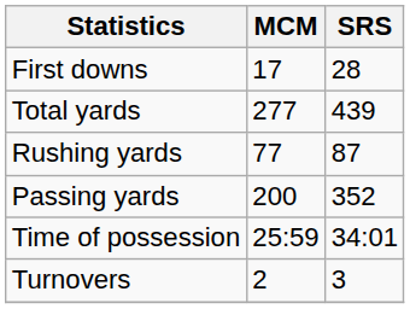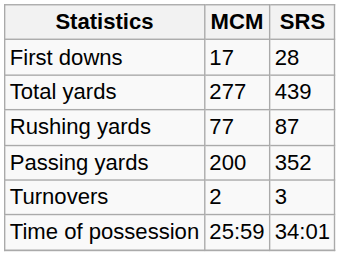 <table class="wikitable" style="float: left;">
 <tr>
 <th>Statistics</th>
 <th>MCM</th>
 <th>SRS</th>
 </tr>
 <tr>
 <td>First downs</td>
 <td>17</td>
 <td>28</td>
 </tr>
 <tr>
 <td>Total yards</td>
 <td>277</td>
 <td>439</td>
 </tr>
 <tr>
 <td>Rushing yards</td>
 <td>77</td>
 <td>87</td>
 </tr>
 <tr>
 <td>Passing yards</td>
 <td>200</td>
 <td>352</td>
 </tr>
 <tr>
+<td>Turnovers</td>
+<td>2</td>
+<td>3</td>
+</tr>
+<tr>
 <td>Time of possession</td>
 <td>25:59</td>
 <td>34:01</td>
 </tr>
 <tr>
-<td>Turnovers</td>
-<td>2</td>
-<td>3</td>
-</tr>
-<tr>
 </tr>
 </table>
